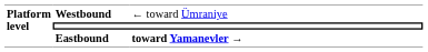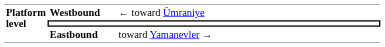 <table table border=0 cellspacing=0 cellpadding=3>
 <tr>
 <td style="border-top:solid 1px gray;border-bottom:solid 1px gray;" width=50 rowspan=3 valign=top><strong>Platform level</strong></td>
 <td style="border-top:solid 1px gray;" width=100><strong>Westbound</strong></td>
 <td style="border-top:solid 1px gray;" width=400>←  toward <a href='#'>Ümraniye</a></td>
 </tr>
 <tr>
 <td style="border-top:solid 2px black;border-right:solid 2px black;border-left:solid 2px black;border-bottom:solid 2px black;text-align:center;" colspan=2></td>
 </tr>
 <tr>
 <td style="border-bottom:solid 1px gray;"><strong>Eastbound</strong></td>
-<td style="border-bottom:solid 1px gray;"><strong> toward <a href='#'>Yamanevler</a> →</strong></td>
+<td style="border-bottom:solid 1px gray;"> toward <a href='#'>Yamanevler</a> →</td>
 </tr>
 </table>
